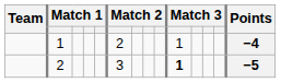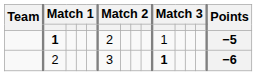 <table class="wikitable sortable" style="text-align:center;">
 <tr>
 <th rowspan=2>Team</th>
 <th colspan=4 style="border-left:3px solid gray">Match 1</th>
 <th colspan=4 style="border-left:3px solid gray">Match 2</th>
 <th colspan=4 style="border-left:3px solid gray">Match 3</th>
 <th rowspan=2 style="border-left:3px solid gray">Points</th>
 </tr>
 <tr>
 <th style="border-left:3px solid gray"></th>
 <th></th>
 <th></th>
 <th></th>
 <th style="border-left:3px solid gray"></th>
 <th></th>
 <th></th>
 <th></th>
 <th style="border-left:3px solid gray"></th>
 <th></th>
 <th></th>
 <th></th>
 </tr>
 <tr>
 <td align=left></td>
-<td style="border-left:3px solid gray">1</td>
+<td style="border-left:3px solid gray"><strong>1</strong></td>
 <td></td>
 <td></td>
 <td></td>
 <td style="border-left:3px solid gray">2</td>
 <td></td>
 <td></td>
 <td></td>
 <td style="border-left:3px solid gray">1</td>
 <td></td>
 <td></td>
 <td></td>
-<th style="border-left:3px solid gray">−4</th>
+<th style="border-left:3px solid gray">−5</th>
 </tr>
 <tr>
 <td align=left></td>
 <td style="border-left:3px solid gray">2</td>
 <td></td>
 <td></td>
 <td></td>
 <td style="border-left:3px solid gray">3</td>
 <td></td>
 <td></td>
 <td></td>
 <td style="border-left:3px solid gray"><strong>1</strong></td>
 <td></td>
 <td></td>
 <td></td>
-<th style="border-left:3px solid gray">−5</th>
+<th style="border-left:3px solid gray">−6</th>
 </tr>
 </table>
